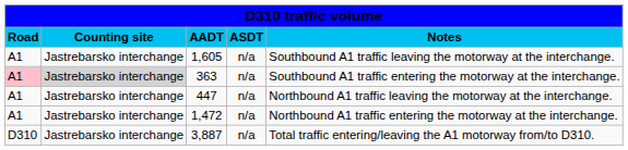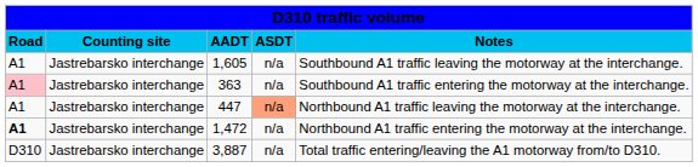 <table class="wikitable">
 <tr>
 <td colspan=5 bgcolor=blue align=center style=margin-top:15><span><big><strong>D310 traffic volume</strong></big></span></td>
 </tr>
 <tr>
 <td align=center bgcolor=00c0f0><strong>Road</strong></td>
 <td align=center bgcolor=00c0f0><strong>Counting site</strong></td>
 <td align=center bgcolor=00c0f0><strong>AADT</strong></td>
 <td align=center bgcolor=00c0f0><strong>ASDT</strong></td>
 <td align=center bgcolor=00c0f0><strong>Notes</strong></td>
 </tr>
 <tr>
 <td> A1</td>
 <td>Jastrebarsko interchange</td>
 <td align=center>1,605</td>
 <td align=center>n/a</td>
 <td>Southbound A1 traffic leaving the motorway at the interchange.</td>
 </tr>
 <tr>
 <td style="background: pink;"> A1</td>
-<td style="background: lightgrey;">Jastrebarsko interchange</td>
+<td>Jastrebarsko interchange</td>
 <td align=center>363</td>
 <td align=center>n/a</td>
 <td>Southbound A1 traffic entering the motorway at the interchange.</td>
 </tr>
 <tr>
 <td> A1</td>
 <td>Jastrebarsko interchange</td>
 <td align=center>447</td>
-<td align=center>n/a</td>
+<td align=center style="background: lightsalmon;">n/a</td>
 <td>Northbound A1 traffic leaving the motorway at the interchange.</td>
 </tr>
 <tr>
-<td> A1</td>
+<td><strong> A1</strong></td>
 <td>Jastrebarsko interchange</td>
 <td align=center>1,472</td>
 <td align=center>n/a</td>
 <td>Northbound A1 traffic entering the motorway at the interchange.</td>
 </tr>
 <tr>
 <td> D310</td>
 <td>Jastrebarsko interchange</td>
 <td align=center>3,887</td>
 <td align=center>n/a</td>
 <td>Total traffic entering/leaving the A1 motorway from/to D310.</td>
 </tr>
 </table>
